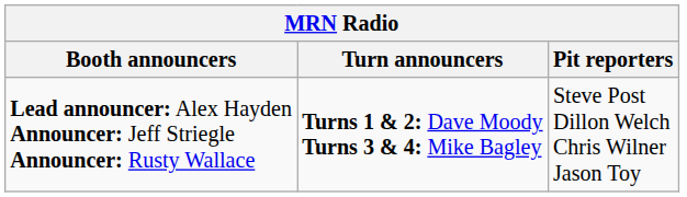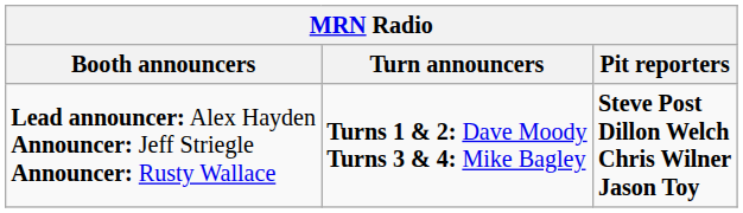 <table class="wikitable" style="font-size: 95%;">
 <tr>
 <th colspan="3"><a href='#'>MRN</a> Radio</th>
 </tr>
 <tr>
 <th>Booth announcers</th>
 <th>Turn announcers</th>
 <th>Pit reporters</th>
 </tr>
 <tr>
 <td><strong>Lead announcer:</strong> Alex Hayden<br><strong>Announcer:</strong> Jeff Striegle<br><strong>Announcer: </strong><a href='#'>Rusty Wallace</a></td>
 <td><strong>Turns 1 & 2:</strong> <a href='#'>Dave Moody</a><br><strong>Turns 3 & 4:</strong> <a href='#'>Mike Bagley</a></td>
-<td>Steve Post<br>Dillon Welch<br>Chris Wilner<br>Jason Toy</td>
+<td><strong>Steve Post<br>Dillon Welch<br>Chris Wilner<br>Jason Toy</strong></td>
 </tr>
 </table>
